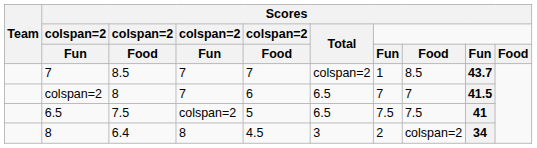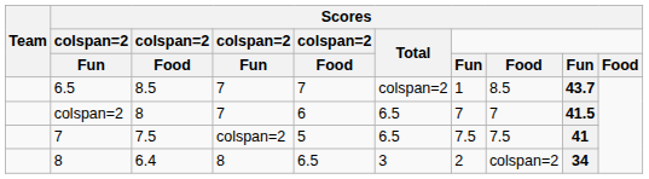 <table class="wikitable">
 <tr>
 <th rowspan=3>Team</th>
 <th colspan=9>Scores</th>
 </tr>
 <tr>
 <th>colspan=2 </th>
 <th>colspan=2 </th>
 <th>colspan=2 </th>
 <th>colspan=2 </th>
 <th rowspan=2>Total</th>
 </tr>
 <tr>
 <th>Fun</th>
 <th>Food</th>
 <th>Fun</th>
 <th>Food</th>
 <th>Fun</th>
 <th>Food</th>
 <th>Fun</th>
 <th>Food</th>
 </tr>
 <tr>
 <td></td>
-<td>7</td>
+<td>6.5</td>
 <td>8.5</td>
 <td>7</td>
 <td>7</td>
 <td>colspan=2 </td>
 <td>1</td>
 <td>8.5</td>
 <th>43.7</th>
 </tr>
 <tr>
 <td></td>
 <td>colspan=2 </td>
 <td>8</td>
 <td>7</td>
 <td>6</td>
 <td>6.5</td>
 <td>7</td>
 <td>7</td>
 <th>41.5</th>
 </tr>
 <tr>
 <td></td>
-<td>6.5</td>
+<td>7</td>
 <td>7.5</td>
 <td>colspan=2 </td>
 <td>5</td>
 <td>6.5</td>
 <td>7.5</td>
 <td>7.5</td>
 <th>41</th>
 </tr>
 <tr>
 <td></td>
 <td>8</td>
 <td>6.4</td>
 <td>8</td>
-<td>4.5</td>
+<td>6.5</td>
 <td>3</td>
 <td>2</td>
 <td>colspan=2 </td>
 <th>34</th>
 </tr>
 </table>
